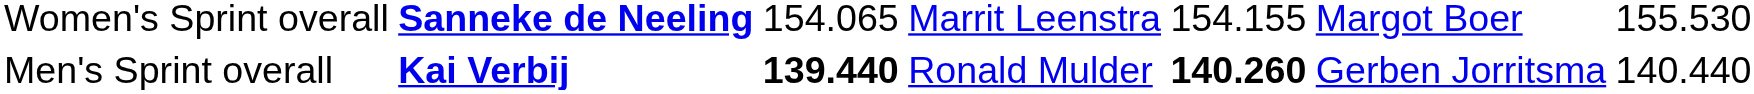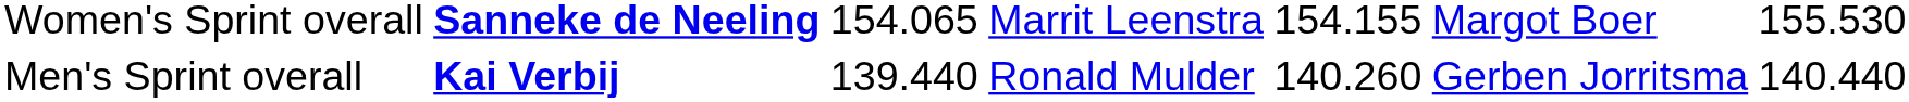 <table>
 <tr>
 <td>Women's Sprint overall</td>
 <td><strong><a href='#'>Sanneke de Neeling</a></strong></td>
 <td>154.065</td>
 <td><a href='#'>Marrit Leenstra</a></td>
 <td>154.155</td>
 <td><a href='#'>Margot Boer</a></td>
 <td>155.530</td>
 </tr>
 <tr>
 <td>Men's Sprint overall</td>
 <td><strong><a href='#'>Kai Verbij</a></strong></td>
-<td><strong>139.440</strong></td>
+<td>139.440</td>
 <td><a href='#'>Ronald Mulder</a></td>
-<td><strong>140.260</strong></td>
+<td>140.260</td>
 <td><a href='#'>Gerben Jorritsma</a></td>
 <td>140.440</td>
 </tr>
 </table>
